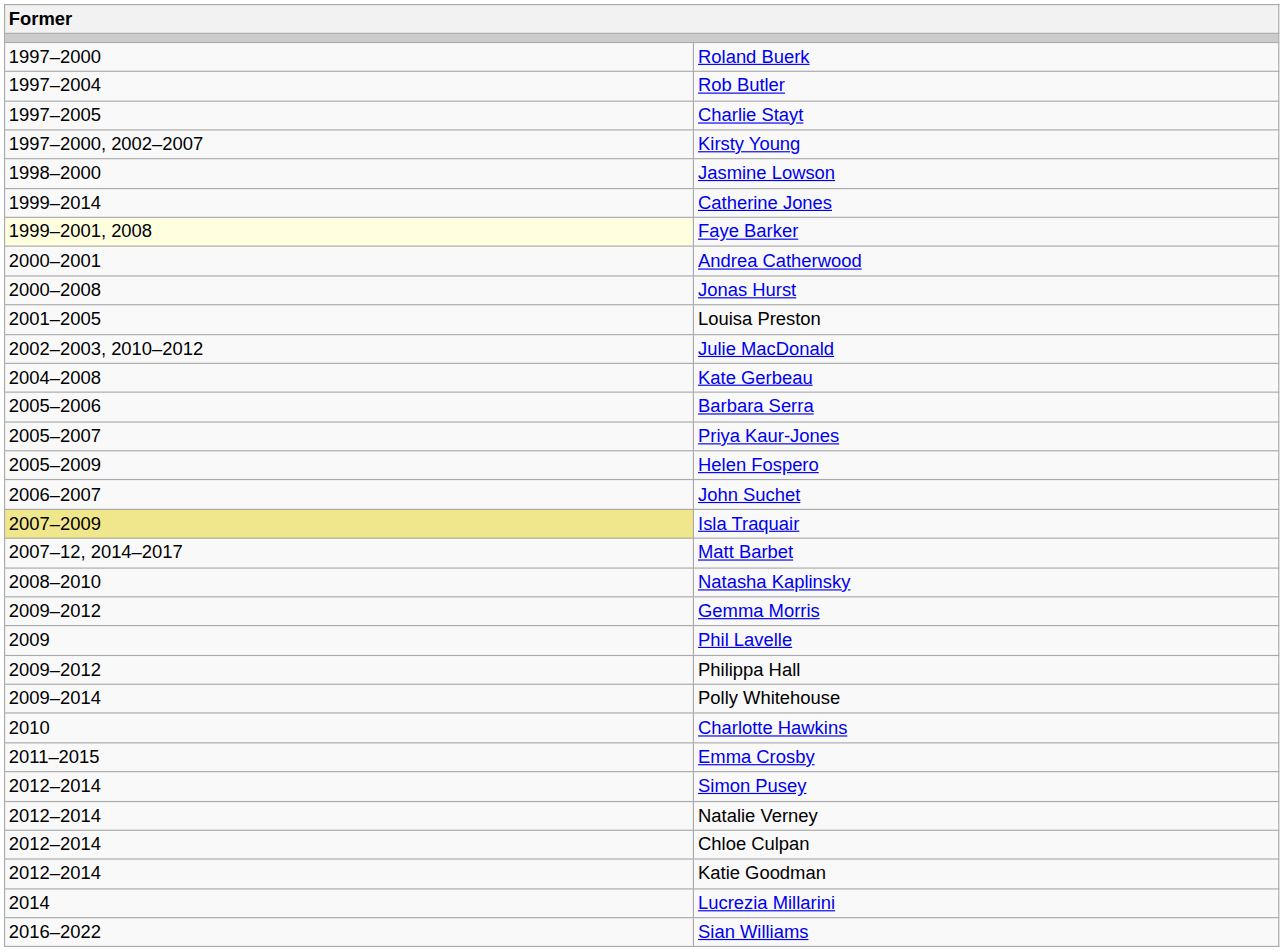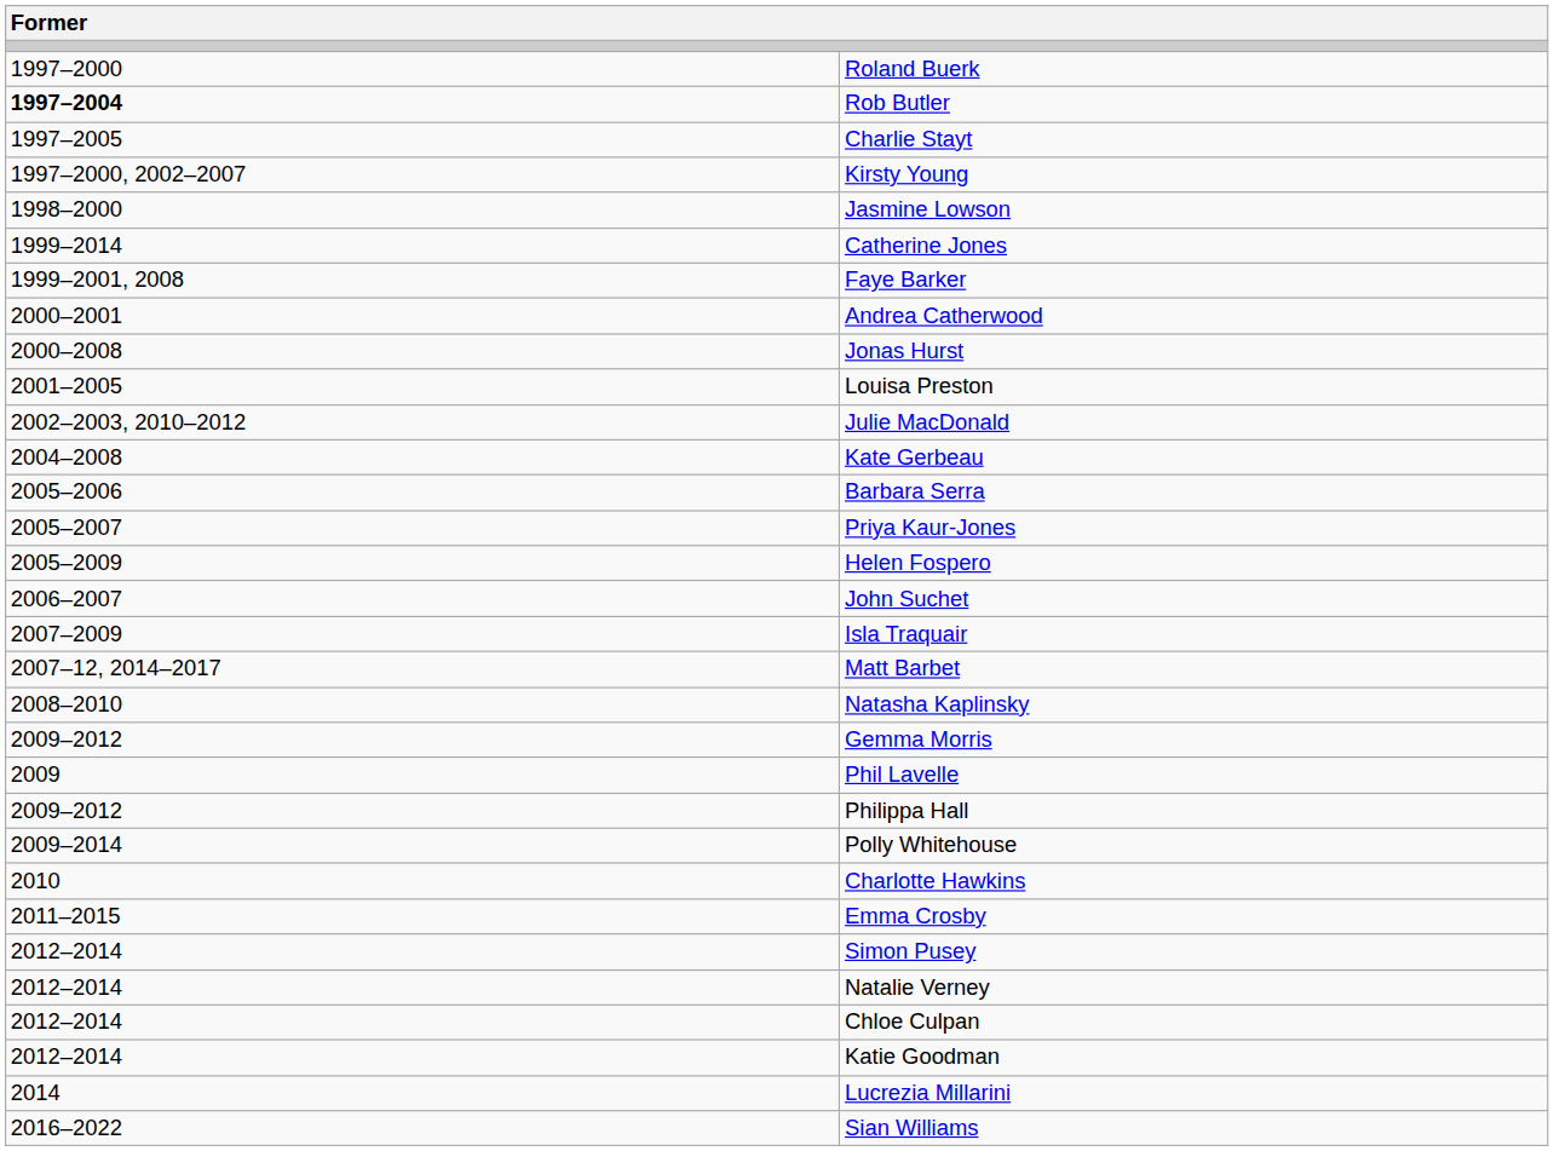 <table class="wikitable collapsible collapsed" style="width:70%;">
 <tr>
 <th colspan="3" style="text-align:left;">Former</th>
 </tr>
 <tr style="background:#ccc;">
 <td colspan="2"></td>
 </tr>
 <tr>
 <td>1997–2000</td>
 <td><a href='#'>Roland Buerk</a></td>
 </tr>
 <tr>
-<td>1997–2004</td>
+<td><strong>1997–2004</strong></td>
 <td><a href='#'>Rob Butler</a></td>
 </tr>
 <tr>
 <td>1997–2005</td>
 <td><a href='#'>Charlie Stayt</a></td>
 </tr>
 <tr>
 <td>1997–2000, 2002–2007</td>
 <td><a href='#'>Kirsty Young</a></td>
 </tr>
 <tr>
 <td>1998–2000</td>
 <td><a href='#'>Jasmine Lowson</a></td>
 </tr>
 <tr>
 <td>1999–2014</td>
 <td><a href='#'>Catherine Jones</a></td>
 </tr>
 <tr>
-<td style="background: lightyellow;">1999–2001, 2008</td>
+<td>1999–2001, 2008</td>
 <td><a href='#'>Faye Barker</a></td>
 </tr>
 <tr>
 <td>2000–2001</td>
 <td><a href='#'>Andrea Catherwood</a></td>
 </tr>
 <tr>
 <td>2000–2008</td>
 <td><a href='#'>Jonas Hurst</a></td>
 </tr>
 <tr>
 <td>2001–2005</td>
 <td>Louisa Preston</td>
 </tr>
 <tr>
 <td>2002–2003, 2010–2012</td>
 <td><a href='#'>Julie MacDonald</a></td>
 </tr>
 <tr>
 <td>2004–2008</td>
 <td><a href='#'>Kate Gerbeau</a></td>
 </tr>
 <tr>
 <td>2005–2006</td>
 <td><a href='#'>Barbara Serra</a></td>
 </tr>
 <tr>
 <td>2005–2007</td>
 <td><a href='#'>Priya Kaur-Jones</a></td>
 </tr>
 <tr>
 <td>2005–2009</td>
 <td><a href='#'>Helen Fospero</a></td>
 </tr>
 <tr>
 <td>2006–2007</td>
 <td><a href='#'>John Suchet</a></td>
 </tr>
 <tr>
-<td style="background: khaki;">2007–2009</td>
+<td>2007–2009</td>
 <td><a href='#'>Isla Traquair</a></td>
 </tr>
 <tr>
 <td>2007–12, 2014–2017</td>
 <td><a href='#'>Matt Barbet</a></td>
 </tr>
 <tr>
 <td>2008–2010</td>
 <td><a href='#'>Natasha Kaplinsky</a></td>
 </tr>
 <tr>
 <td>2009–2012</td>
 <td><a href='#'>Gemma Morris</a></td>
 </tr>
 <tr>
 <td>2009</td>
 <td><a href='#'>Phil Lavelle</a></td>
 </tr>
 <tr>
 <td>2009–2012</td>
 <td>Philippa Hall</td>
 </tr>
 <tr>
 <td>2009–2014</td>
 <td>Polly Whitehouse</td>
 </tr>
 <tr>
 <td>2010</td>
 <td><a href='#'>Charlotte Hawkins</a></td>
 </tr>
 <tr>
 <td>2011–2015</td>
 <td><a href='#'>Emma Crosby</a></td>
 </tr>
 <tr>
 <td>2012–2014</td>
 <td><a href='#'>Simon Pusey</a></td>
 </tr>
 <tr>
 <td>2012–2014</td>
 <td>Natalie Verney</td>
 </tr>
 <tr>
 <td>2012–2014</td>
 <td>Chloe Culpan</td>
 </tr>
 <tr>
 <td>2012–2014</td>
 <td>Katie Goodman</td>
 </tr>
 <tr>
 <td>2014</td>
 <td><a href='#'>Lucrezia Millarini</a></td>
 </tr>
 <tr>
 <td>2016–2022</td>
 <td><a href='#'>Sian Williams</a></td>
 </tr>
 </table>
